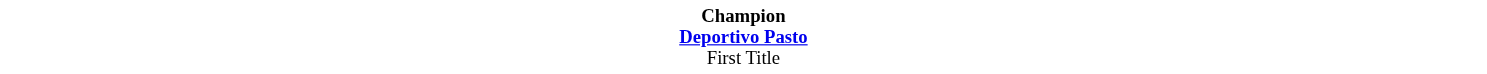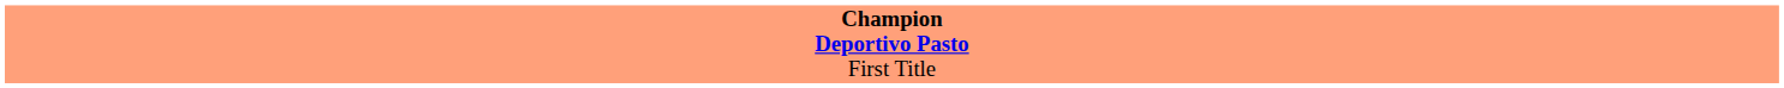 <table cellspacing=0 width=100%>
 <tr>
 <td align=center><br><br></td>
 </tr>
 <tr>
-<td align=center><strong>Champion<br><a href='#'>Deportivo Pasto</a></strong><br>First Title</td>
+<td align=center style="background: lightsalmon;"><strong>Champion<br><a href='#'>Deportivo Pasto</a></strong><br>First Title</td>
 </tr>
 </table>
